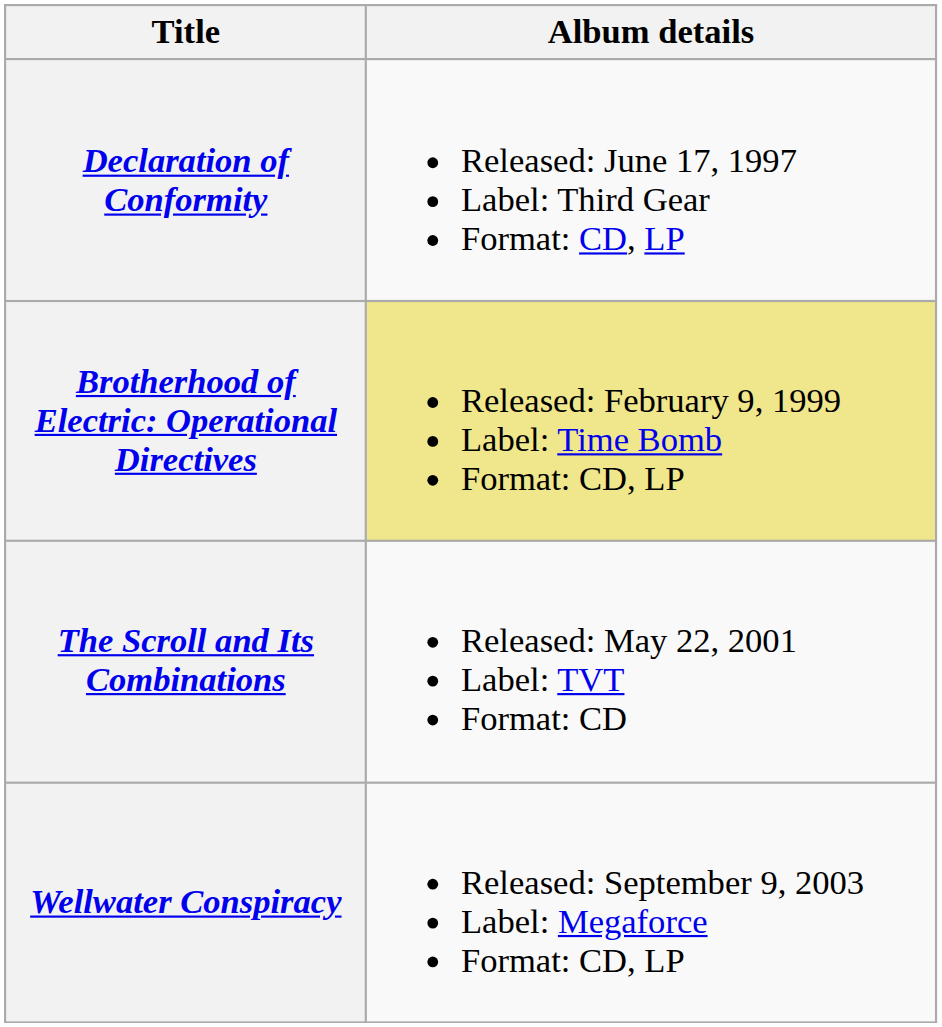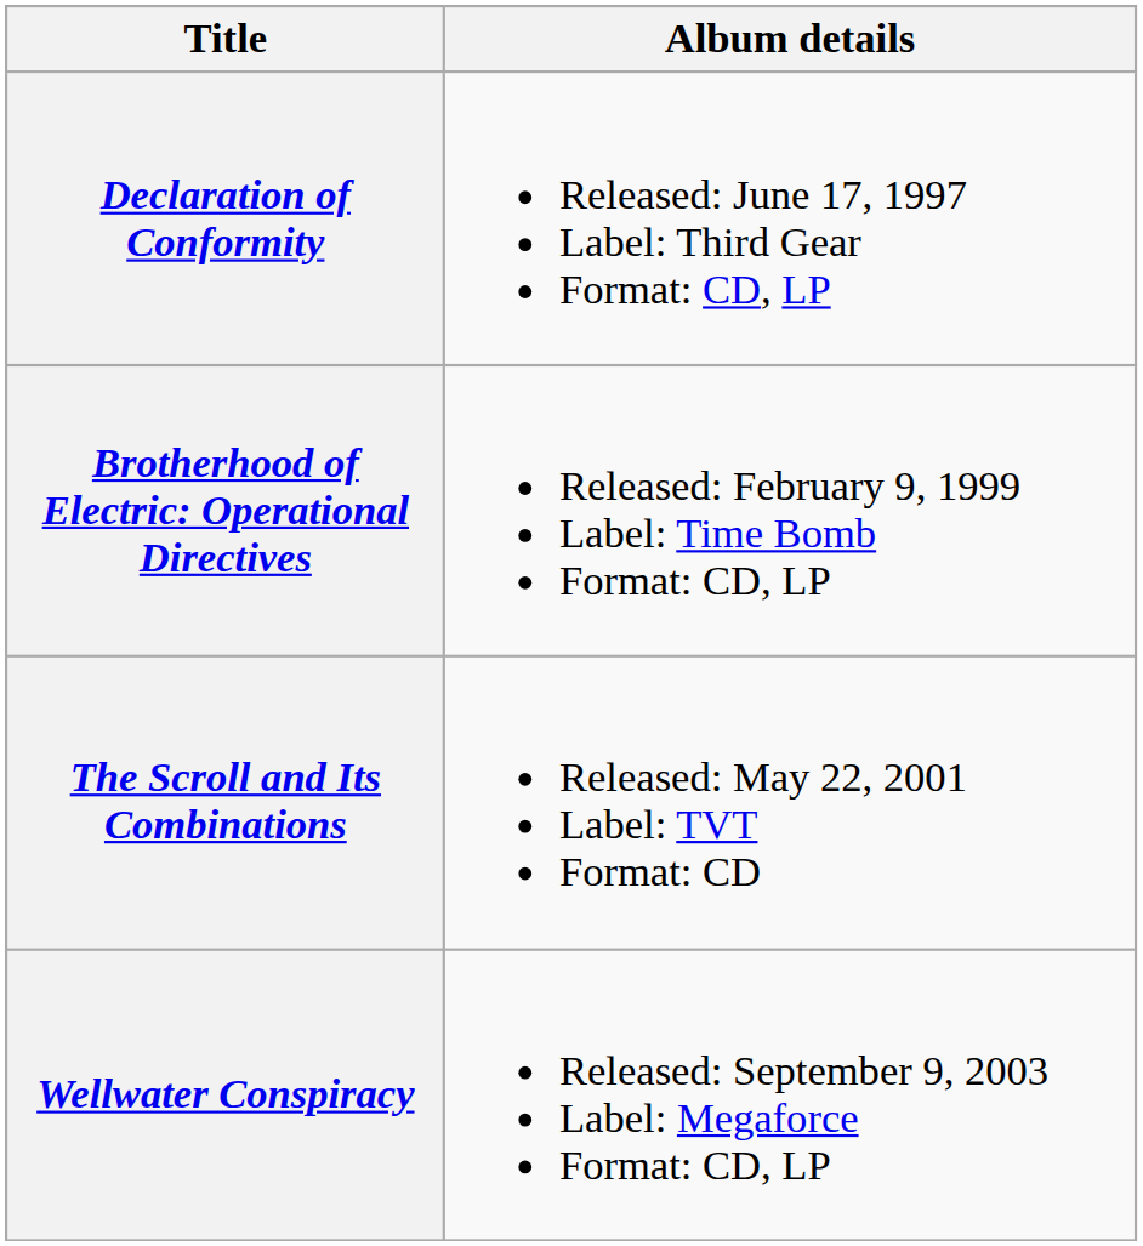 <table class ="wikitable plainrowheaders" border="1">
 <tr>
 <th scope="col" style="width: 10em;">Title</th>
 <th scope="col" style="width: 16em;">Album details</th>
 </tr>
 <tr>
 <th scope="row"><em><a href='#'>Declaration of Conformity</a></em></th>
 <td><br><ul><li>Released: June 17, 1997</li><li>Label: Third Gear</li><li>Format: <a href='#'>CD</a>, <a href='#'>LP</a></li></ul></td>
 </tr>
 <tr>
 <th scope="row"><em><a href='#'>Brotherhood of Electric: Operational Directives</a></em></th>
-<td style="background: khaki;"><br><ul><li>Released: February 9, 1999</li><li>Label: <a href='#'>Time Bomb</a></li><li>Format: CD, LP</li></ul></td>
+<td><br><ul><li>Released: February 9, 1999</li><li>Label: <a href='#'>Time Bomb</a></li><li>Format: CD, LP</li></ul></td>
 </tr>
 <tr>
 <th scope="row"><em><a href='#'>The Scroll and Its Combinations</a></em></th>
 <td><br><ul><li>Released: May 22, 2001</li><li>Label: <a href='#'>TVT</a></li><li>Format: CD</li></ul></td>
 </tr>
 <tr>
 <th scope="row"><em><a href='#'>Wellwater Conspiracy</a></em></th>
 <td><br><ul><li>Released: September 9, 2003</li><li>Label: <a href='#'>Megaforce</a></li><li>Format: CD, LP</li></ul></td>
 </tr>
 </table>
